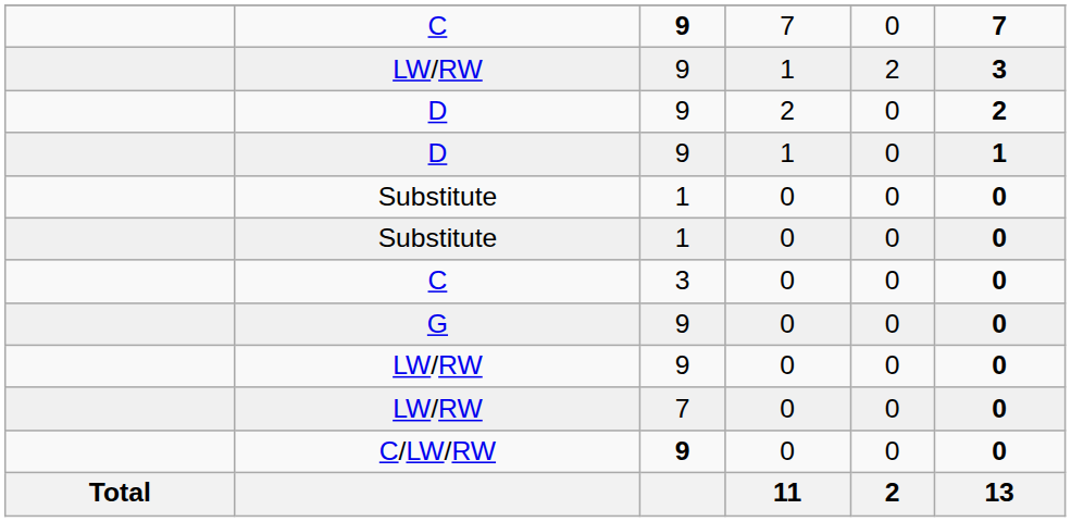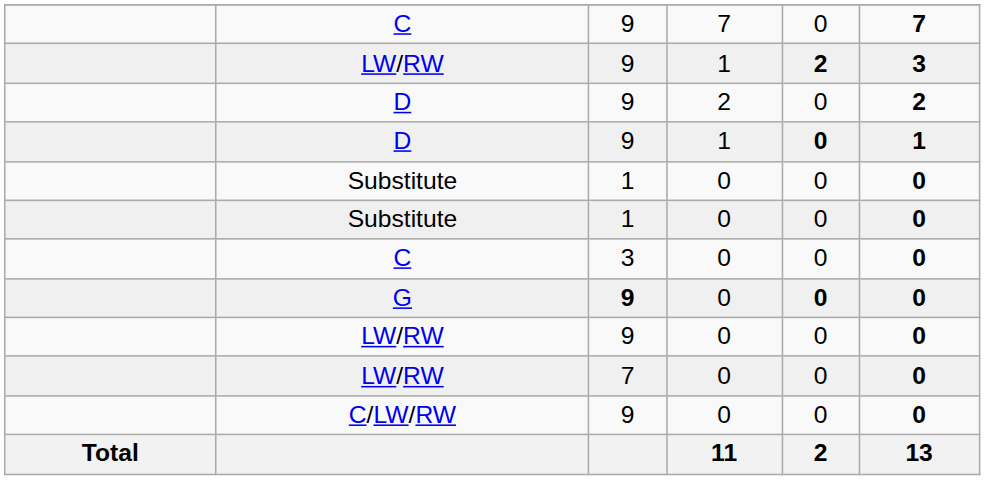 <table class="wikitable sortable" width ="40%">
 <tr align="center">
 </tr>
 <tr align="center" bgcolor="">
 <td></td>
 <td><a href='#'>C</a></td>
-<td><strong>9</strong></td>
+<td>9</td>
 <td>7</td>
 <td>0</td>
 <td><strong>7</strong></td>
 </tr>
 <tr align="center" bgcolor="f0f0f0">
 <td></td>
 <td><a href='#'>LW</a>/<a href='#'>RW</a></td>
 <td>9</td>
 <td>1</td>
-<td>2</td>
+<td><strong>2</strong></td>
 <td><strong>3</strong></td>
 </tr>
 <tr align="center" bgcolor="">
 <td></td>
 <td><a href='#'>D</a></td>
 <td>9</td>
 <td>2</td>
 <td>0</td>
 <td><strong>2</strong></td>
 </tr>
 <tr align="center" bgcolor="f0f0f0">
 <td></td>
 <td><a href='#'>D</a></td>
 <td>9</td>
 <td>1</td>
-<td>0</td>
+<td><strong>0</strong></td>
 <td><strong>1</strong></td>
 </tr>
 <tr align="center" bgcolor="">
 <td></td>
 <td>Substitute</td>
 <td>1</td>
 <td>0</td>
 <td>0</td>
 <td><strong>0</strong></td>
 </tr>
 <tr align="center" bgcolor="f0f0f0">
 <td></td>
 <td>Substitute</td>
 <td>1</td>
 <td>0</td>
 <td>0</td>
 <td><strong>0</strong></td>
 </tr>
 <tr align="center" bgcolor="">
 <td></td>
 <td><a href='#'>C</a></td>
 <td>3</td>
 <td>0</td>
 <td>0</td>
 <td><strong>0</strong></td>
 </tr>
 <tr align="center" bgcolor="f0f0f0">
 <td></td>
 <td><a href='#'>G</a></td>
-<td>9</td>
+<td><strong>9</strong></td>
 <td>0</td>
-<td>0</td>
+<td><strong>0</strong></td>
 <td><strong>0</strong></td>
 </tr>
 <tr align="center" bgcolor="">
 <td></td>
 <td><a href='#'>LW</a>/<a href='#'>RW</a></td>
 <td>9</td>
 <td>0</td>
 <td>0</td>
 <td><strong>0</strong></td>
 </tr>
 <tr align="center" bgcolor="f0f0f0">
 <td></td>
 <td><a href='#'>LW</a>/<a href='#'>RW</a></td>
 <td>7</td>
 <td>0</td>
 <td>0</td>
 <td><strong>0</strong></td>
 </tr>
 <tr align="center" bgcolor="">
 <td></td>
 <td><a href='#'>C</a>/<a href='#'>LW</a>/<a href='#'>RW</a></td>
-<td><strong>9</strong></td>
+<td>9</td>
 <td>0</td>
 <td>0</td>
 <td><strong>0</strong></td>
 </tr>
 <tr>
 <th>Total</th>
 <th></th>
 <th></th>
 <th>11</th>
 <th>2</th>
 <th>13</th>
 </tr>
 </table>
